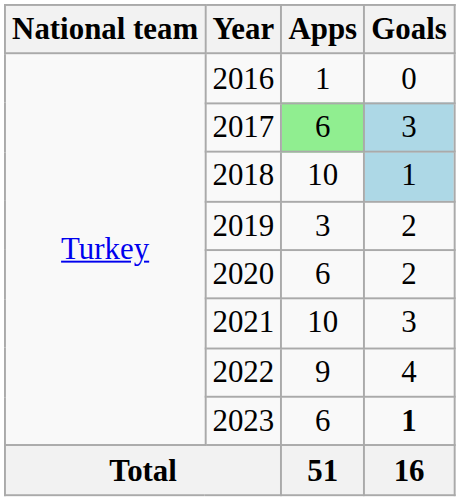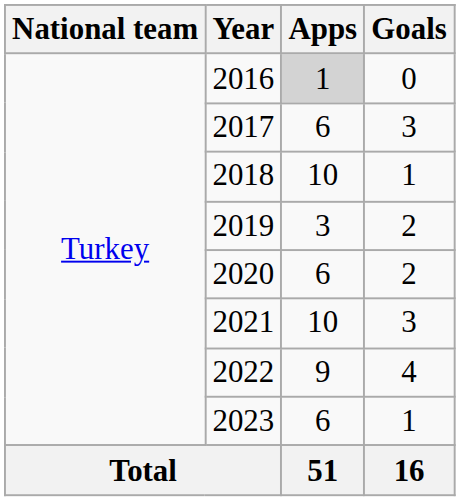 <table class="wikitable" style="text-align:center">
 <tr>
 <th>National team</th>
 <th>Year</th>
 <th>Apps</th>
 <th>Goals</th>
 </tr>
 <tr>
 <td rowspan="8"><a href='#'>Turkey</a></td>
 <td>2016</td>
-<td>1</td>
+<td style="background: lightgrey;">1</td>
 <td>0</td>
 </tr>
 <tr>
 <td>2017</td>
-<td style="background: lightgreen;">6</td>
-<td style="background: lightblue;">3</td>
+<td>6</td>
+<td>3</td>
 </tr>
 <tr>
 <td>2018</td>
 <td>10</td>
-<td style="background: lightblue;">1</td>
+<td>1</td>
 </tr>
 <tr>
 <td>2019</td>
 <td>3</td>
 <td>2</td>
 </tr>
 <tr>
 <td>2020</td>
 <td>6</td>
 <td>2</td>
 </tr>
 <tr>
 <td>2021</td>
 <td>10</td>
 <td>3</td>
 </tr>
 <tr>
 <td>2022</td>
 <td>9</td>
 <td>4</td>
 </tr>
 <tr>
 <td>2023</td>
 <td>6</td>
-<td><strong>1</strong></td>
+<td>1</td>
 </tr>
 <tr>
 <th colspan="2">Total</th>
 <th>51</th>
 <th>16</th>
 </tr>
 </table>
